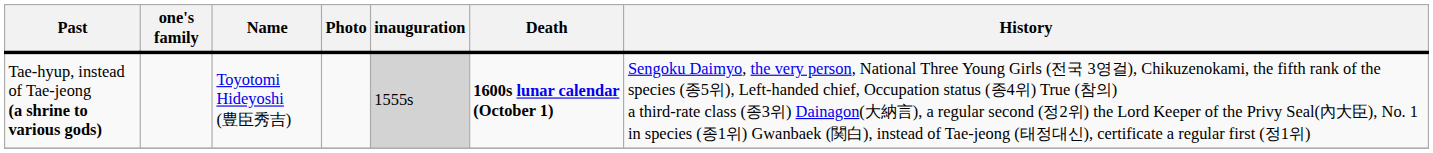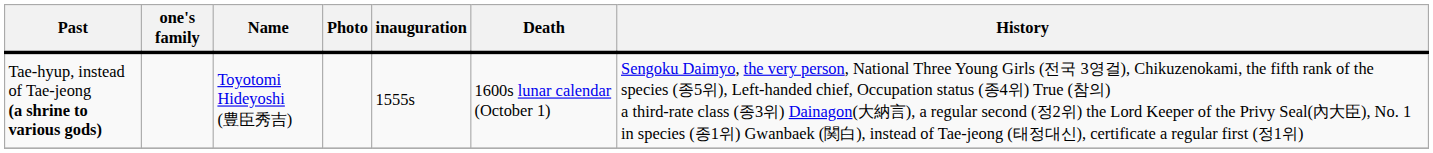 <table class="wikitable" style="font-size:90%;">
 <tr style="border-bottom:solid 3px #000;">
 <th>Past</th>
 <th>one's family</th>
 <th>Name</th>
 <th>Photo</th>
 <th>inauguration</th>
 <th>Death</th>
 <th>History</th>
 </tr>
 <tr>
 <td>Tae-hyup, instead of Tae-jeong<br><strong>(a shrine to various gods)</strong></td>
 <td></td>
 <td><a href='#'>Toyotomi Hideyoshi</a><br>(豊臣秀吉)</td>
 <td></td>
-<td style="background: lightgrey;">1555s</td>
-<td><strong>1600s <a href='#'>lunar calendar</a> (October 1)</strong></td>
+<td>1555s</td>
+<td>1600s <a href='#'>lunar calendar</a> (October 1)</td>
 <td><a href='#'>Sengoku Daimyo</a>, <a href='#'>the very person</a>, National Three Young Girls (전국 3영걸), Chikuzenokami, the fifth rank of the species (종5위), Left-handed chief, Occupation status (종4위) True (참의)<br>a third-rate class (종3위) <a href='#'>Dainagon</a>(大納言), a regular second (정2위) the Lord Keeper of the Privy Seal(內大臣), No. 1 in species (종1위) Gwanbaek (関白), instead of Tae-jeong (태정대신), certificate a regular first (정1위)</td>
 </tr>
 <tr>
 </tr>
 </table>
